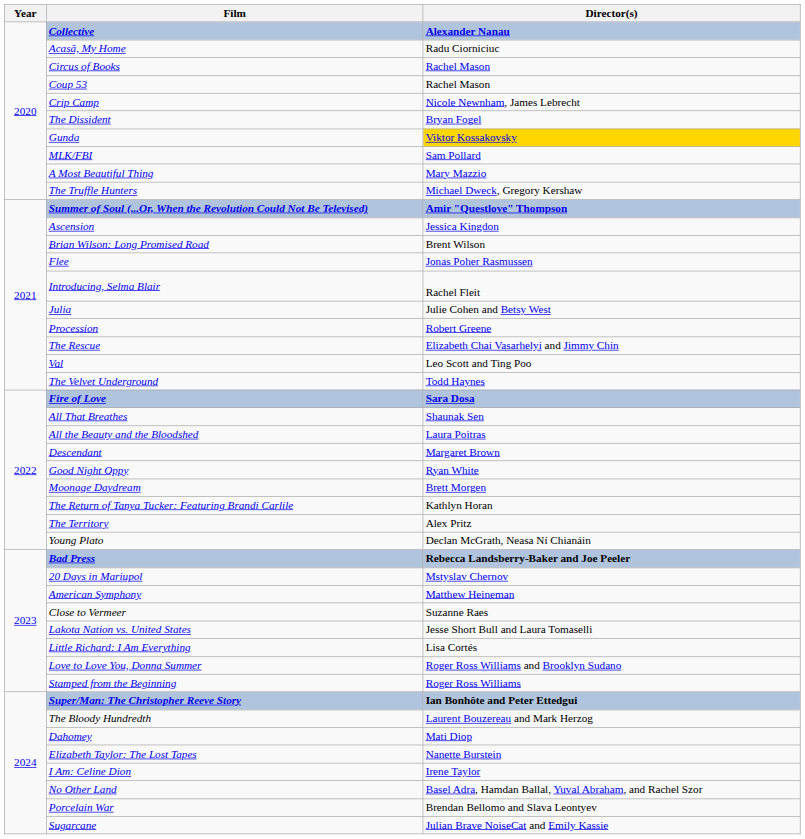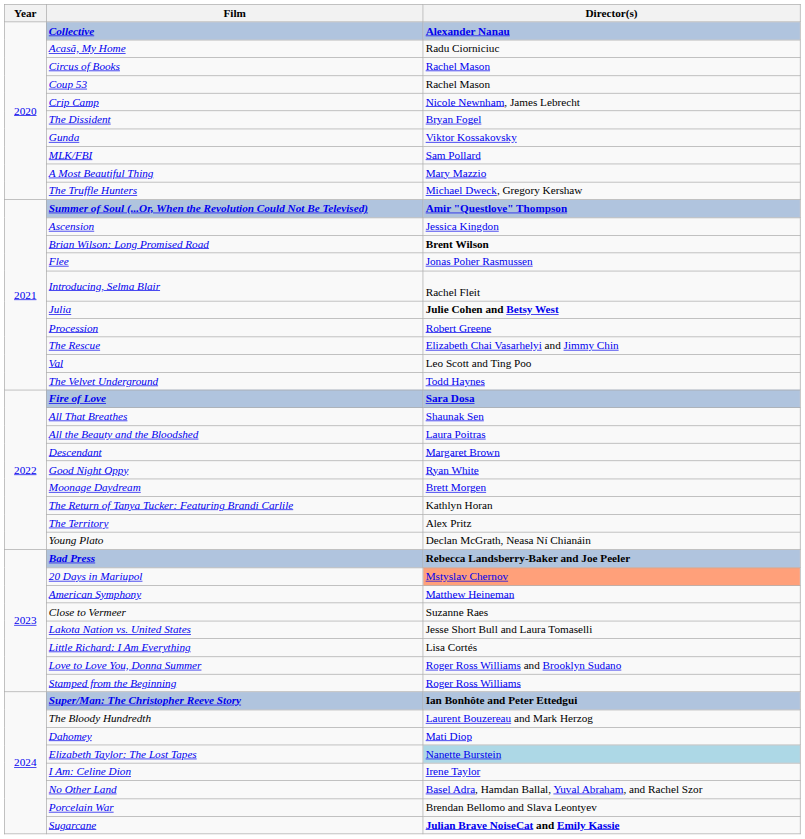 <table class="wikitable" width="90%" cellpadding="5">
 <tr>
 <th width="5%">Year</th>
 <th width="45%">Film</th>
 <th width="45%">Director(s)</th>
 </tr>
 <tr>
 <td rowspan="10" style="text-align:center;"><a href='#'>2020</a><br></td>
 <td style="background:#B0C4DE;"><strong><em><a href='#'>Collective</a></em></strong></td>
 <td style="background:#B0C4DE;"><strong><a href='#'>Alexander Nanau</a></strong></td>
 </tr>
 <tr>
 <td><em><a href='#'>Acasă, My Home</a></em></td>
 <td>Radu Ciorniciuc</td>
 </tr>
 <tr>
 <td><em><a href='#'>Circus of Books</a></em></td>
 <td><a href='#'>Rachel Mason</a></td>
 </tr>
 <tr>
 <td><em><a href='#'>Coup 53</a></em></td>
 <td>Rachel Mason</td>
 </tr>
 <tr>
 <td><em><a href='#'>Crip Camp</a></em></td>
 <td><a href='#'>Nicole Newnham</a>, James Lebrecht</td>
 </tr>
 <tr>
 <td><em><a href='#'>The Dissident</a></em></td>
 <td><a href='#'>Bryan Fogel</a></td>
 </tr>
 <tr>
 <td><em><a href='#'>Gunda</a></em></td>
-<td style="background: gold;"><a href='#'>Viktor Kossakovsky</a></td>
+<td><a href='#'>Viktor Kossakovsky</a></td>
 </tr>
 <tr>
 <td><em><a href='#'>MLK/FBI</a></em></td>
 <td><a href='#'>Sam Pollard</a></td>
 </tr>
 <tr>
 <td><em><a href='#'>A Most Beautiful Thing</a></em></td>
 <td><a href='#'>Mary Mazzio</a></td>
 </tr>
 <tr>
 <td><em><a href='#'>The Truffle Hunters</a></em></td>
 <td><a href='#'>Michael Dweck</a>, Gregory Kershaw</td>
 </tr>
 <tr>
 <td rowspan="10" style="text-align:center;"><a href='#'>2021</a><br></td>
 <td style="background:#B0C4DE;"><strong><em><a href='#'>Summer of Soul (...Or, When the Revolution Could Not Be Televised)</a></em></strong></td>
 <td style="background:#B0C4DE;"><strong><a href='#'>Amir "Questlove" Thompson</a></strong></td>
 </tr>
 <tr>
 <td><em><a href='#'>Ascension</a></em></td>
 <td><a href='#'>Jessica Kingdon</a></td>
 </tr>
 <tr>
 <td><em><a href='#'>Brian Wilson: Long Promised Road</a></em></td>
-<td>Brent Wilson</td>
+<td><strong>Brent Wilson</strong></td>
 </tr>
 <tr>
 <td><em><a href='#'>Flee</a></em></td>
 <td><a href='#'>Jonas Poher Rasmussen</a></td>
 </tr>
 <tr>
 <td><em><a href='#'>Introducing, Selma Blair</a></em></td>
 <td><br>Rachel Fleit</td>
 </tr>
 <tr>
 <td><em><a href='#'>Julia</a></em></td>
-<td>Julie Cohen and <a href='#'>Betsy West</a></td>
+<td><strong>Julie Cohen and <a href='#'>Betsy West</a></strong></td>
 </tr>
 <tr>
 <td><em><a href='#'>Procession</a></em></td>
 <td><a href='#'>Robert Greene</a></td>
 </tr>
 <tr>
 <td><em><a href='#'>The Rescue</a></em></td>
 <td><a href='#'>Elizabeth Chai Vasarhelyi</a> and <a href='#'>Jimmy Chin</a></td>
 </tr>
 <tr>
 <td><em><a href='#'>Val</a></em></td>
 <td>Leo Scott and Ting Poo</td>
 </tr>
 <tr>
 <td><em><a href='#'>The Velvet Underground</a></em></td>
 <td><a href='#'>Todd Haynes</a></td>
 </tr>
 <tr>
 <td rowspan="9" style="text-align:center;"><a href='#'>2022</a><br></td>
 <td style="background:#B0C4DE;"><strong><em><a href='#'>Fire of Love</a></em></strong></td>
 <td style="background:#B0C4DE;"><strong><a href='#'>Sara Dosa</a></strong></td>
 </tr>
 <tr>
 <td><em><a href='#'>All That Breathes</a></em></td>
 <td><a href='#'>Shaunak Sen</a></td>
 </tr>
 <tr>
 <td><em><a href='#'>All the Beauty and the Bloodshed</a></em></td>
 <td><a href='#'>Laura Poitras</a></td>
 </tr>
 <tr>
 <td><em><a href='#'>Descendant</a></em></td>
 <td><a href='#'>Margaret Brown</a></td>
 </tr>
 <tr>
 <td><em><a href='#'>Good Night Oppy</a></em></td>
 <td><a href='#'>Ryan White</a></td>
 </tr>
 <tr>
 <td><em><a href='#'>Moonage Daydream</a></em></td>
 <td><a href='#'>Brett Morgen</a></td>
 </tr>
 <tr>
 <td><em><a href='#'>The Return of Tanya Tucker: Featuring Brandi Carlile</a></em></td>
 <td>Kathlyn Horan</td>
 </tr>
 <tr>
 <td><em><a href='#'>The Territory</a></em></td>
 <td>Alex Pritz</td>
 </tr>
 <tr>
 <td><em>Young Plato</em></td>
 <td>Declan McGrath, Neasa Ní Chianáin</td>
 </tr>
 <tr>
 <td rowspan="8" style="text-align:center;"><a href='#'>2023</a><br></td>
 <td style="background:#B0C4DE;"><strong><em><a href='#'>Bad Press</a></em></strong></td>
 <td style="background:#B0C4DE;"><strong>Rebecca Landsberry-Baker and Joe Peeler</strong></td>
 </tr>
 <tr>
 <td><em><a href='#'>20 Days in Mariupol</a></em></td>
-<td><a href='#'>Mstyslav Chernov</a></td>
+<td style="background: lightsalmon;"><a href='#'>Mstyslav Chernov</a></td>
 </tr>
 <tr>
 <td><em><a href='#'>American Symphony</a></em></td>
 <td><a href='#'>Matthew Heineman</a></td>
 </tr>
 <tr>
 <td><em>Close to Vermeer</em></td>
 <td>Suzanne Raes</td>
 </tr>
 <tr>
 <td><em><a href='#'>Lakota Nation vs. United States</a></em></td>
 <td>Jesse Short Bull and Laura Tomaselli</td>
 </tr>
 <tr>
 <td><em><a href='#'>Little Richard: I Am Everything</a></em></td>
 <td>Lisa Cortés</td>
 </tr>
 <tr>
 <td><em><a href='#'>Love to Love You, Donna Summer</a></em></td>
 <td><a href='#'>Roger Ross Williams</a> and <a href='#'>Brooklyn Sudano</a></td>
 </tr>
 <tr>
 <td><em><a href='#'>Stamped from the Beginning</a></em></td>
 <td><a href='#'>Roger Ross Williams</a></td>
 </tr>
 <tr>
 <td rowspan="8" style="text-align:center;"><a href='#'>2024</a><br></td>
 <td style="background:#B0C4DE;"><strong><em><a href='#'>Super/Man: The Christopher Reeve Story</a></em></strong></td>
 <td style="background:#B0C4DE;"><strong>Ian Bonhôte and Peter Ettedgui</strong></td>
 </tr>
 <tr>
 <td><em>The Bloody Hundredth</em></td>
 <td><a href='#'>Laurent Bouzereau</a> and Mark Herzog</td>
 </tr>
 <tr>
 <td><em><a href='#'>Dahomey</a></em></td>
 <td><a href='#'>Mati Diop</a></td>
 </tr>
 <tr>
 <td><em><a href='#'>Elizabeth Taylor: The Lost Tapes</a></em></td>
-<td><a href='#'>Nanette Burstein</a></td>
+<td style="background: lightblue;"><a href='#'>Nanette Burstein</a></td>
 </tr>
 <tr>
 <td><em><a href='#'>I Am: Celine Dion</a></em></td>
 <td><a href='#'>Irene Taylor</a></td>
 </tr>
 <tr>
 <td><em><a href='#'>No Other Land</a></em></td>
 <td><a href='#'>Basel Adra</a>, Hamdan Ballal, <a href='#'>Yuval Abraham</a>, and Rachel Szor</td>
 </tr>
 <tr>
 <td><em><a href='#'>Porcelain War</a></em></td>
 <td>Brendan Bellomo and Slava Leontyev</td>
 </tr>
 <tr>
 <td><em><a href='#'>Sugarcane</a></em></td>
-<td><a href='#'>Julian Brave NoiseCat</a> and <a href='#'>Emily Kassie</a></td>
+<td><strong><a href='#'>Julian Brave NoiseCat</a> and <a href='#'>Emily Kassie</a></strong></td>
 </tr>
 </table>
